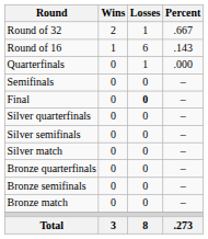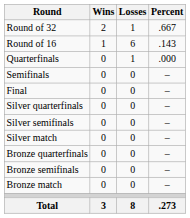 <table class=wikitable>
 <tr>
 <th>Round</th>
 <th>Wins</th>
 <th>Losses</th>
 <th>Percent</th>
 </tr>
 <tr align=center>
 <td align=left>Round of 32</td>
 <td>2</td>
 <td>1</td>
 <td>.667</td>
 </tr>
 <tr align=center>
 <td align=left>Round of 16</td>
 <td>1</td>
 <td>6</td>
 <td>.143</td>
 </tr>
 <tr align=center>
 <td align=left>Quarterfinals</td>
 <td>0</td>
 <td>1</td>
 <td>.000</td>
 </tr>
 <tr align=center>
 <td align=left>Semifinals</td>
 <td>0</td>
 <td>0</td>
 <td>–</td>
 </tr>
 <tr align=center>
 <td align=left>Final</td>
 <td>0</td>
-<td><strong>0</strong></td>
+<td>0</td>
 <td>–</td>
 </tr>
 <tr align=center>
 <td align=left>Silver quarterfinals</td>
 <td>0</td>
 <td>0</td>
 <td>–</td>
 </tr>
 <tr align=center>
 <td align=left>Silver semifinals</td>
 <td>0</td>
 <td>0</td>
 <td>–</td>
 </tr>
 <tr align=center>
 <td align=left>Silver match</td>
 <td>0</td>
 <td>0</td>
 <td>–</td>
 </tr>
 <tr align=center>
 <td align=left>Bronze quarterfinals</td>
 <td>0</td>
 <td>0</td>
 <td>–</td>
 </tr>
 <tr align=center>
 <td align=left>Bronze semifinals</td>
 <td>0</td>
 <td>0</td>
 <td>–</td>
 </tr>
 <tr align=center>
 <td align=left>Bronze match</td>
 <td>0</td>
 <td>0</td>
 <td>–</td>
 </tr>
 <tr>
 <td colspan=4 bgcolor=lightgray></td>
 </tr>
 <tr>
 <th>Total</th>
 <th>3</th>
 <th>8</th>
 <th>.273</th>
 </tr>
 </table>
